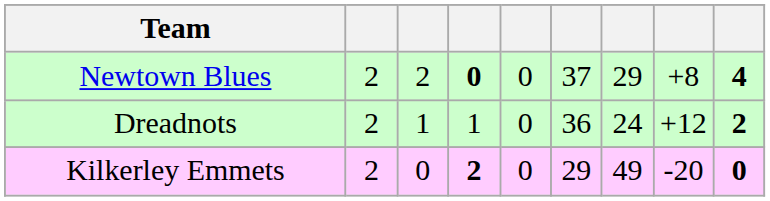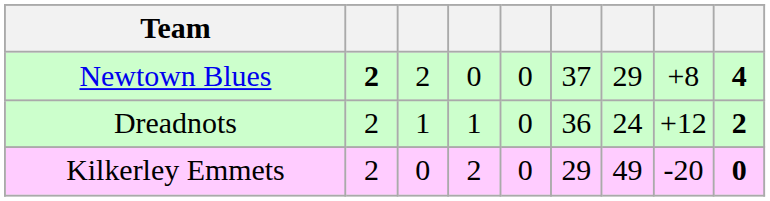 <table class="wikitable" style="text-align:center">
 <tr>
 <th style="width:175px;">Team</th>
 <th width="20"></th>
 <th width="20"></th>
 <th width="20"></th>
 <th width="20"></th>
 <th width="20"></th>
 <th width="20"></th>
 <th width="20"></th>
 <th width="20"></th>
 </tr>
 <tr style="background:#cfc;">
 <td><a href='#'>Newtown Blues</a></td>
+<td><strong>2</strong></td>
 <td>2</td>
-<td>2</td>
-<td><strong>0</strong></td>
+<td>0</td>
 <td>0</td>
 <td>37</td>
 <td>29</td>
 <td>+8</td>
 <td><strong>4</strong></td>
 </tr>
 <tr style="background:#cfc;">
 <td>Dreadnots</td>
 <td>2</td>
 <td>1</td>
 <td>1</td>
 <td>0</td>
 <td>36</td>
 <td>24</td>
 <td>+12</td>
 <td><strong>2</strong></td>
 </tr>
 <tr style="background:#fcf;">
 <td>Kilkerley Emmets</td>
 <td>2</td>
 <td>0</td>
-<td><strong>2</strong></td>
+<td>2</td>
 <td>0</td>
 <td>29</td>
 <td>49</td>
 <td>-20</td>
 <td><strong>0</strong></td>
 </tr>
 </table>
